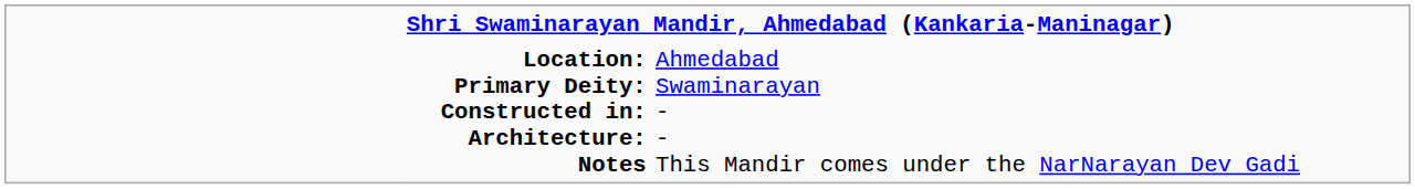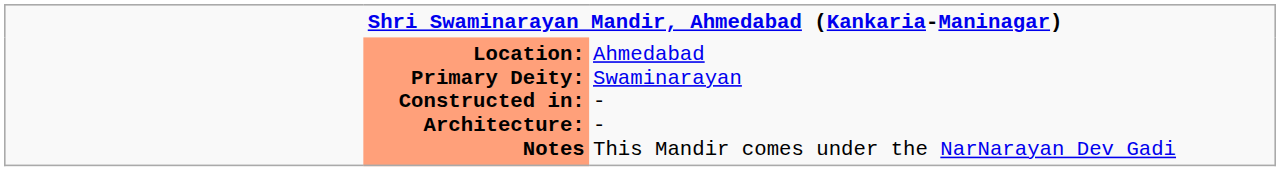 <table class="wikitable plain" border="0" width="800">
 <tr>
 <td width="220px" rowspan="2" style="border:none;"></td>
 <td valign="top" colspan=2 style="border:none;"><strong><a href='#'>Shri Swaminarayan Mandir, Ahmedabad</a> (<a href='#'>Kankaria</a>-<a href='#'>Maninagar</a>)</strong></td>
 </tr>
 <tr>
-<td valign="top" style="text-align:right; border:none;"><strong>Location:</strong> <br><strong>Primary Deity:</strong><br><strong>Constructed in:</strong><br><strong>Architecture:</strong><br><strong>Notes</strong></td>
+<td valign="top" style="background: lightsalmon; text-align:right; border:none;"><strong>Location:</strong> <br><strong>Primary Deity:</strong><br><strong>Constructed in:</strong><br><strong>Architecture:</strong><br><strong>Notes</strong></td>
 <td valign="top" style="border:none;"><a href='#'>Ahmedabad</a> <br><a href='#'>Swaminarayan</a> <br>- <br>- <br>This Mandir comes under the <a href='#'>NarNarayan Dev Gadi</a></td>
 </tr>
 </table>
